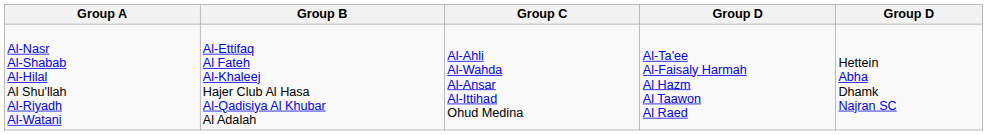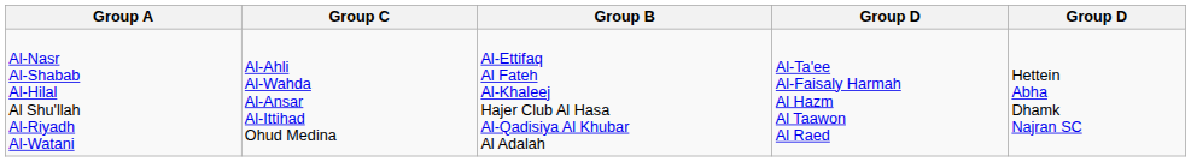 <table class="wikitable" width=98%>
 <tr>
 <th width=20%>Group A</th>
+<th width=20%>Group C</th>
 <th width=25%>Group B</th>
-<th width=20%>Group C</th>
 <th width=20%>Group D</th>
 <th width=20%>Group D</th>
 </tr>
 <tr>
 <td><br><a href='#'>Al-Nasr</a> <br> <a href='#'>Al-Shabab</a> <br> <a href='#'>Al-Hilal</a> <br> Al Shu'llah <br> <a href='#'>Al-Riyadh</a> <br> <a href='#'>Al-Watani</a> <br></td>
+<td><br><a href='#'>Al-Ahli</a> <br> <a href='#'>Al-Wahda</a> <br> <a href='#'>Al-Ansar</a> <br> <a href='#'>Al-Ittihad</a> <br> Ohud Medina <br></td>
 <td><br><a href='#'>Al-Ettifaq</a> <br> <a href='#'>Al Fateh</a> <br> <a href='#'>Al-Khaleej</a> <br> Hajer Club Al Hasa <br> <a href='#'>Al-Qadisiya Al Khubar</a> <br> Al Adalah <br></td>
-<td><br><a href='#'>Al-Ahli</a> <br> <a href='#'>Al-Wahda</a> <br> <a href='#'>Al-Ansar</a> <br> <a href='#'>Al-Ittihad</a> <br> Ohud Medina <br></td>
 <td><br><a href='#'>Al-Ta'ee</a> <br> <a href='#'>Al-Faisaly Harmah</a> <br> <a href='#'>Al Hazm</a> <br> <a href='#'>Al Taawon</a> <br> <a href='#'>Al Raed</a> <br></td>
 <td><br>Hettein <br> <a href='#'>Abha</a> <br> Dhamk <br> <a href='#'>Najran SC</a> <br></td>
 </tr>
 </table>
